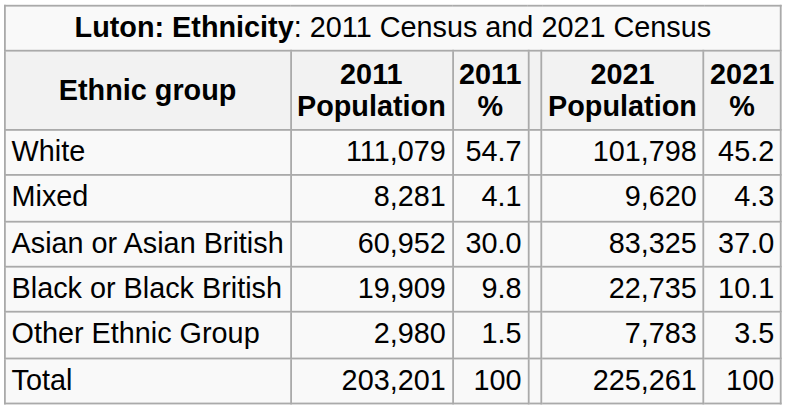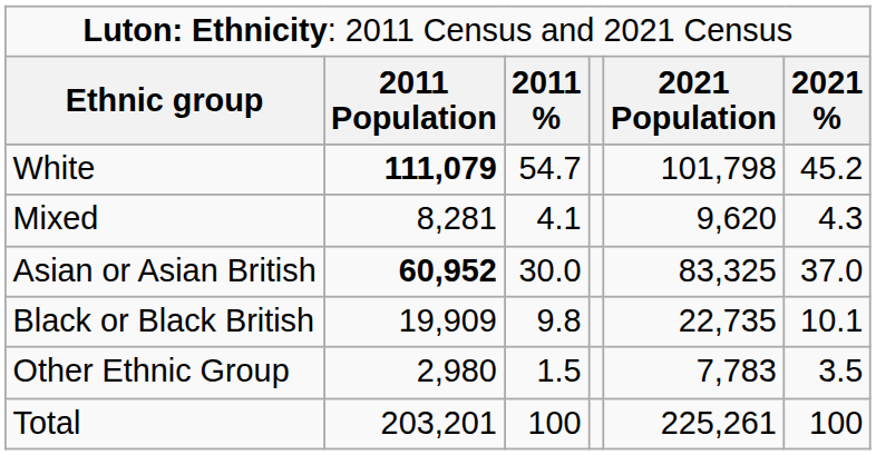 <table class="wikitable" style="display: inline-table;">
 <tr>
 <td colspan="14" style="text-align:center;"><strong>Luton: Ethnicity</strong>: 2011 Census and 2021 Census</td>
 </tr>
 <tr>
 <th>Ethnic group</th>
 <th>2011<br>Population</th>
 <th>2011<br>%</th>
 <th></th>
 <th>2021<br>Population</th>
 <th>2021<br>%</th>
 </tr>
 <tr>
 <td>White</td>
-<td style="text-align:right;">111,079</td>
+<td style="text-align:right;"><strong>111,079</strong></td>
 <td style="text-align:right;">54.7</td>
 <td></td>
 <td style="text-align:right;">101,798</td>
 <td style="text-align:right;">45.2</td>
 </tr>
 <tr>
 <td>Mixed</td>
 <td style="text-align:right;">8,281</td>
 <td style="text-align:right;">4.1</td>
 <td></td>
 <td style="text-align:right;">9,620</td>
 <td style="text-align:right;">4.3</td>
 </tr>
 <tr>
 <td>Asian or Asian British</td>
-<td style="text-align:right;">60,952</td>
+<td style="text-align:right;"><strong>60,952</strong></td>
 <td style="text-align:right;">30.0</td>
 <td></td>
 <td style="text-align:right;">83,325</td>
 <td style="text-align:right;">37.0</td>
 </tr>
 <tr>
 <td>Black or Black British</td>
 <td style="text-align:right;">19,909</td>
 <td style="text-align:right;">9.8</td>
 <td></td>
 <td style="text-align:right;">22,735</td>
 <td style="text-align:right;">10.1</td>
 </tr>
 <tr>
 <td>Other Ethnic Group</td>
 <td style="text-align:right;">2,980</td>
 <td style="text-align:right;">1.5</td>
 <td></td>
 <td style="text-align:right;">7,783</td>
 <td style="text-align:right;">3.5</td>
 </tr>
 <tr>
 <td>Total</td>
 <td style="text-align:right;">203,201</td>
 <td style="text-align:right;">100</td>
 <td></td>
 <td style="text-align:right;">225,261</td>
 <td style="text-align:right;">100</td>
 </tr>
 </table>
